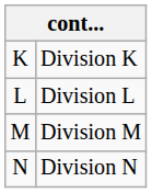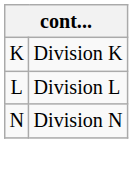 <table class="wikitable" style="font-size:85%">
 <tr>
 <th colspan=2>cont...</th>
 </tr>
 <tr>
 <td style="text-align: center;">K</td>
 <td>Division K</td>
 </tr>
 <tr>
 <td style="text-align: center;">L</td>
 <td>Division L</td>
 </tr>
 <tr>
-<td style="text-align: center;">M</td>
-<td>Division M</td>
-</tr>
-<tr>
 <td style="text-align: center;">N</td>
 <td>Division N</td>
 </tr>
 </table>
